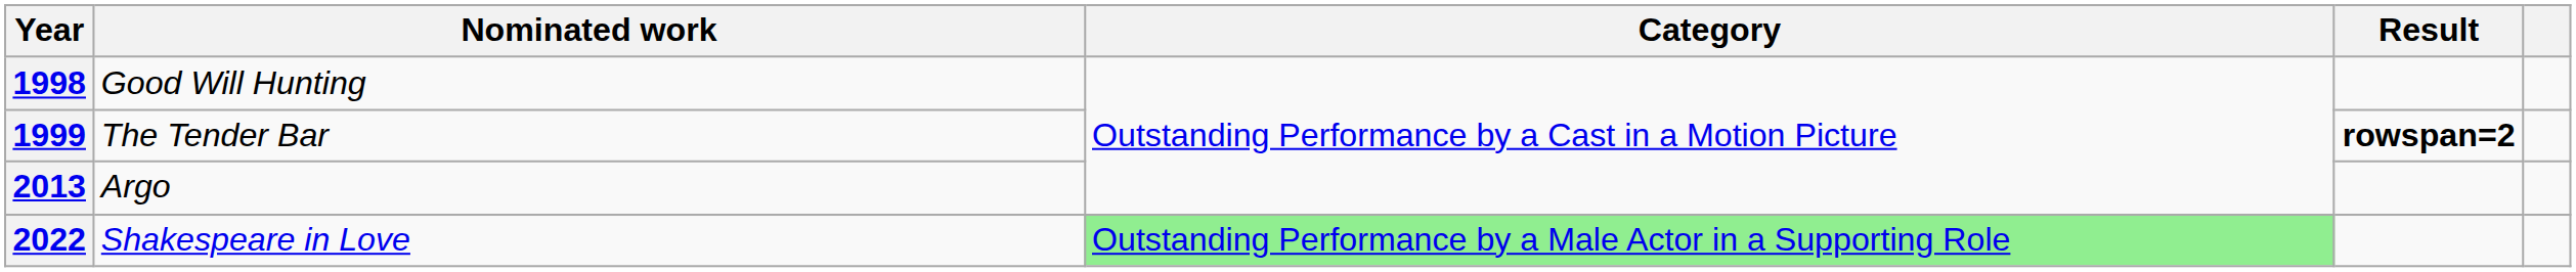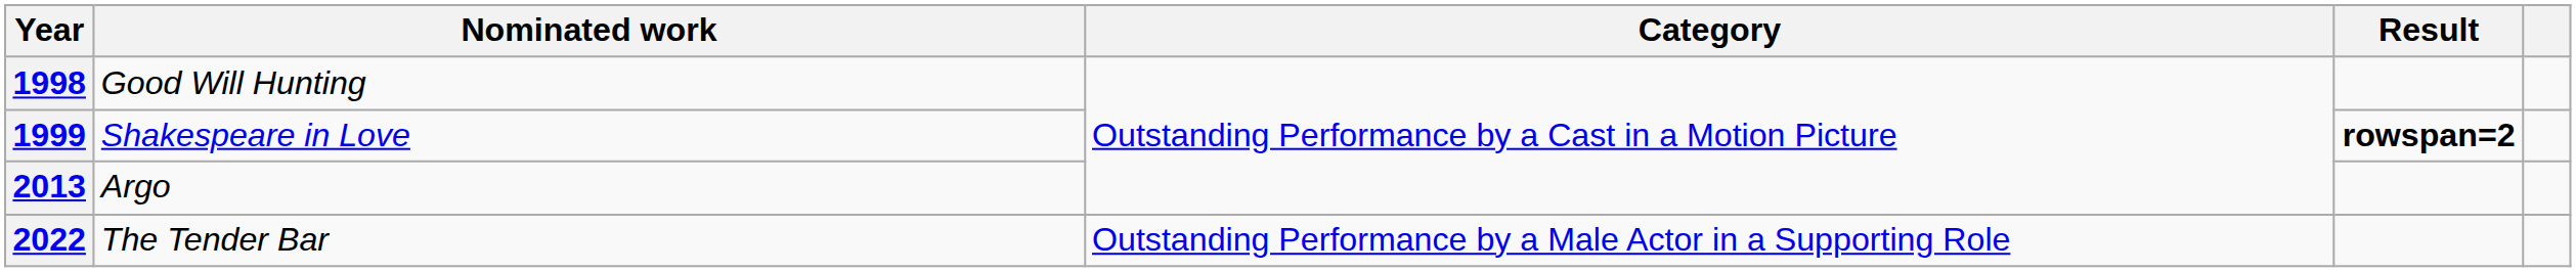 <table class=wikitable>
 <tr>
 <th scope="col" style="width:1em;">Year</th>
 <th scope="col" style="width:30em;">Nominated work</th>
 <th scope="col" style="width:38em;">Category</th>
 <th scope="col" style="width:5em;">Result</th>
 <th scope="col" style="width:1em;"></th>
 </tr>
 <tr>
 <th scope="row"><a href='#'>1998</a></th>
 <td><em>Good Will Hunting</em></td>
 <td rowspan=3><a href='#'>Outstanding Performance by a Cast in a Motion Picture</a></td>
 <td></td>
 <td style="text-align:center;"></td>
 </tr>
 <tr>
 <th scope="row"><a href='#'>1999</a></th>
-<td><em>The Tender Bar</em></td>
+<td><em><a href='#'>Shakespeare in Love</a></em></td>
 <td><strong>rowspan=2 </strong></td>
 <td style="text-align:center;"></td>
 </tr>
 <tr>
 <th scope="row"><a href='#'>2013</a></th>
 <td><em>Argo</em></td>
 <td style="text-align:center;"></td>
 </tr>
 <tr>
 <th scope="row"><a href='#'>2022</a></th>
-<td><em><a href='#'>Shakespeare in Love</a></em></td>
-<td style="background: lightgreen;"><a href='#'>Outstanding Performance by a Male Actor in a Supporting Role</a></td>
+<td><em>The Tender Bar</em></td>
+<td><a href='#'>Outstanding Performance by a Male Actor in a Supporting Role</a></td>
 <td></td>
 <td style="text-align:center;"></td>
 </tr>
 </table>
